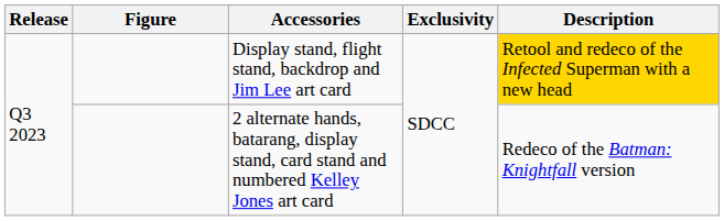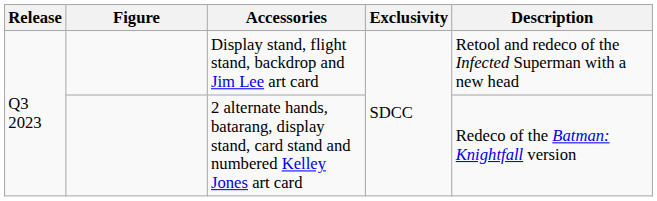 <table class="wikitable" style="width:100%;">
 <tr>
 <th width=5%!scope="col">Release</th>
 <th width=25%!scope="col">Figure</th>
 <th width=27%!scope="col">Accessories</th>
 <th width=8%!scope="col">Exclusivity</th>
 <th width=35%!scope="col">Description</th>
 </tr>
 <tr>
 <td rowspan=2>Q3 2023</td>
 <td></td>
 <td>Display stand, flight stand, backdrop and <a href='#'>Jim Lee</a> art card</td>
 <td rowspan=2>SDCC</td>
-<td style="background: gold;">Retool and redeco of the <em>Infected</em> Superman with a new head</td>
+<td>Retool and redeco of the <em>Infected</em> Superman with a new head</td>
 </tr>
 <tr>
 <td></td>
 <td>2 alternate hands, batarang, display stand, card stand and numbered <a href='#'>Kelley Jones</a> art card</td>
 <td>Redeco of the <em><a href='#'>Batman: Knightfall</a></em> version</td>
 </tr>
 </table>
